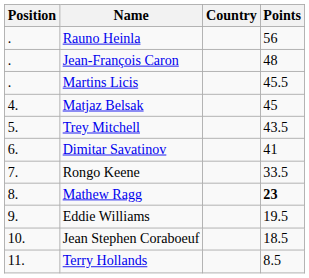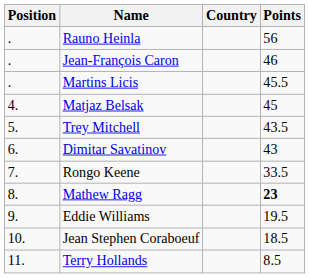 <table class="wikitable" style="display: inline-table">
 <tr>
 <th>Position</th>
 <th>Name</th>
 <th>Country</th>
 <th>Points</th>
 </tr>
 <tr>
 <td>.</td>
 <td><a href='#'>Rauno Heinla</a></td>
 <td></td>
 <td>56</td>
 </tr>
 <tr>
 <td>.</td>
 <td><a href='#'>Jean-François Caron</a></td>
 <td></td>
-<td>48</td>
+<td>46</td>
 </tr>
 <tr>
 <td>.</td>
 <td><a href='#'>Martins Licis</a></td>
 <td></td>
 <td>45.5</td>
 </tr>
 <tr>
 <td>4.</td>
 <td><a href='#'>Matjaz Belsak</a></td>
 <td></td>
 <td>45</td>
 </tr>
 <tr>
 <td>5.</td>
 <td><a href='#'>Trey Mitchell</a></td>
 <td></td>
 <td>43.5</td>
 </tr>
 <tr>
 <td>6.</td>
 <td><a href='#'>Dimitar Savatinov</a></td>
 <td></td>
-<td>41</td>
+<td>43</td>
 </tr>
 <tr>
 <td>7.</td>
 <td>Rongo Keene</td>
 <td></td>
 <td>33.5</td>
 </tr>
 <tr>
 <td>8.</td>
 <td><a href='#'>Mathew Ragg</a></td>
 <td></td>
 <td><strong>23</strong></td>
 </tr>
 <tr>
 <td>9.</td>
 <td>Eddie Williams</td>
 <td></td>
 <td>19.5</td>
 </tr>
 <tr>
 <td>10.</td>
 <td>Jean Stephen Coraboeuf</td>
 <td></td>
 <td>18.5</td>
 </tr>
 <tr>
 <td>11.</td>
 <td><a href='#'>Terry Hollands</a></td>
 <td></td>
 <td>8.5</td>
 </tr>
 </table>
